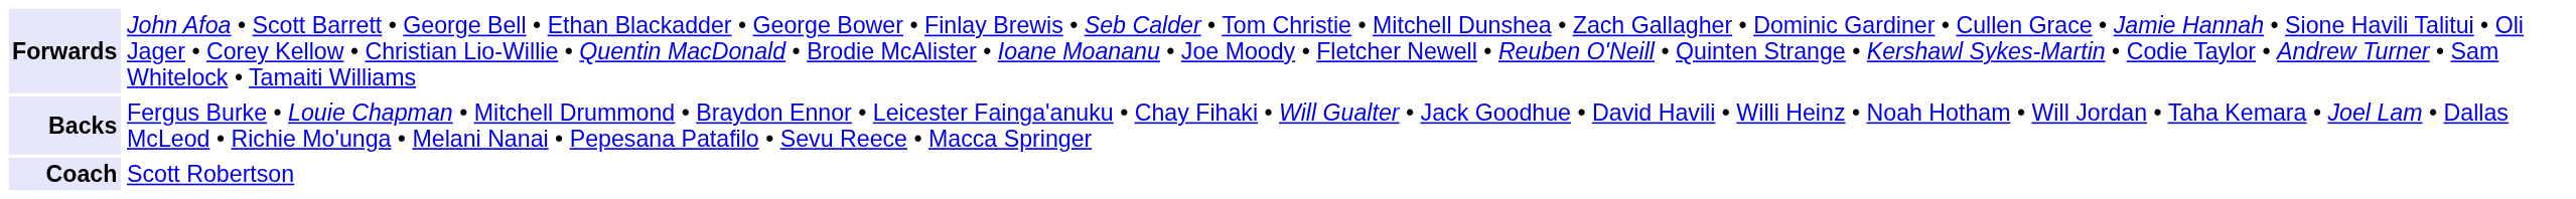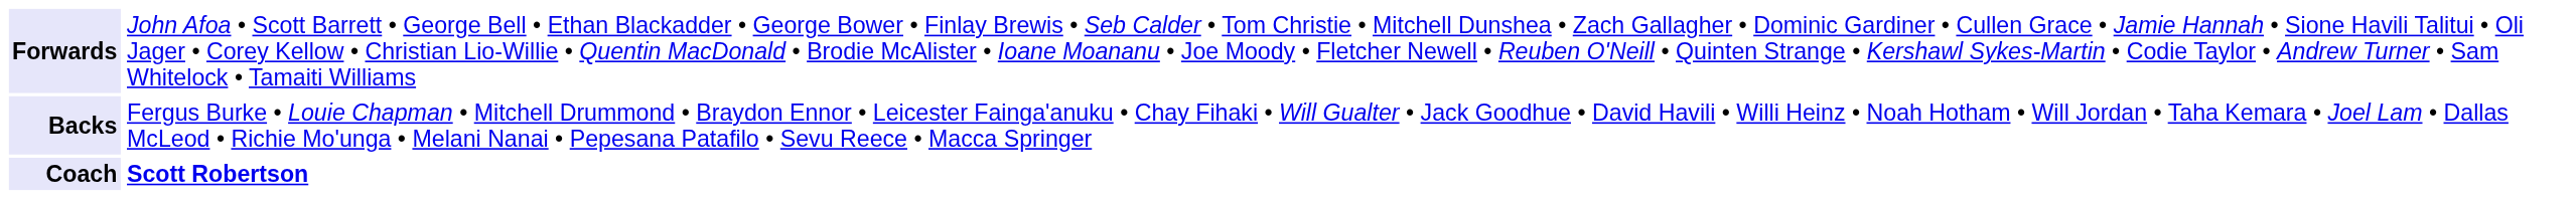 <table cellpadding="2" style="border: 1px solid white; font-size:90%;">
 <tr>
 <td style="text-align:right;" bgcolor="lavender"><strong>Forwards</strong></td>
 <td style="text-align:left;"><em><a href='#'>John Afoa</a></em> • <a href='#'>Scott Barrett</a> • <a href='#'>George Bell</a> • <a href='#'>Ethan Blackadder</a> • <a href='#'>George Bower</a> • <a href='#'>Finlay Brewis</a> • <em><a href='#'>Seb Calder</a></em> • <a href='#'>Tom Christie</a> • <a href='#'>Mitchell Dunshea</a> • <a href='#'>Zach Gallagher</a> • <a href='#'>Dominic Gardiner</a> • <a href='#'>Cullen Grace</a> • <em><a href='#'>Jamie Hannah</a></em> • <a href='#'>Sione Havili Talitui</a> • <a href='#'>Oli Jager</a> • <a href='#'>Corey Kellow</a> • <a href='#'>Christian Lio-Willie</a> • <em><a href='#'>Quentin MacDonald</a></em> • <a href='#'>Brodie McAlister</a> • <em><a href='#'>Ioane Moananu</a></em> • <a href='#'>Joe Moody</a> • <a href='#'>Fletcher Newell</a> • <em><a href='#'>Reuben O'Neill</a></em> • <a href='#'>Quinten Strange</a> • <em><a href='#'>Kershawl Sykes-Martin</a></em> • <a href='#'>Codie Taylor</a> • <em><a href='#'>Andrew Turner</a></em> • <a href='#'>Sam Whitelock</a> • <a href='#'>Tamaiti Williams</a></td>
 </tr>
 <tr>
 <td style="text-align:right;" bgcolor="lavender"><strong>Backs</strong></td>
 <td style="text-align:left;"><a href='#'>Fergus Burke</a> • <em><a href='#'>Louie Chapman</a></em> • <a href='#'>Mitchell Drummond</a> • <a href='#'>Braydon Ennor</a> • <a href='#'>Leicester Fainga'anuku</a> • <a href='#'>Chay Fihaki</a> • <em><a href='#'>Will Gualter</a></em> • <a href='#'>Jack Goodhue</a> • <a href='#'>David Havili</a> • <a href='#'>Willi Heinz</a> • <a href='#'>Noah Hotham</a> • <a href='#'>Will Jordan</a> • <a href='#'>Taha Kemara</a> • <em><a href='#'>Joel Lam</a></em> • <a href='#'>Dallas McLeod</a> • <a href='#'>Richie Mo'unga</a> • <a href='#'>Melani Nanai</a> • <a href='#'>Pepesana Patafilo</a> • <a href='#'>Sevu Reece</a> • <a href='#'>Macca Springer</a></td>
 </tr>
 <tr>
 <td style="text-align:right;" bgcolor="lavender"><strong>Coach</strong></td>
-<td style="text-align:left;"><a href='#'>Scott Robertson</a></td>
+<td style="text-align:left;"><strong><a href='#'>Scott Robertson</a></strong></td>
 </tr>
 </table>
